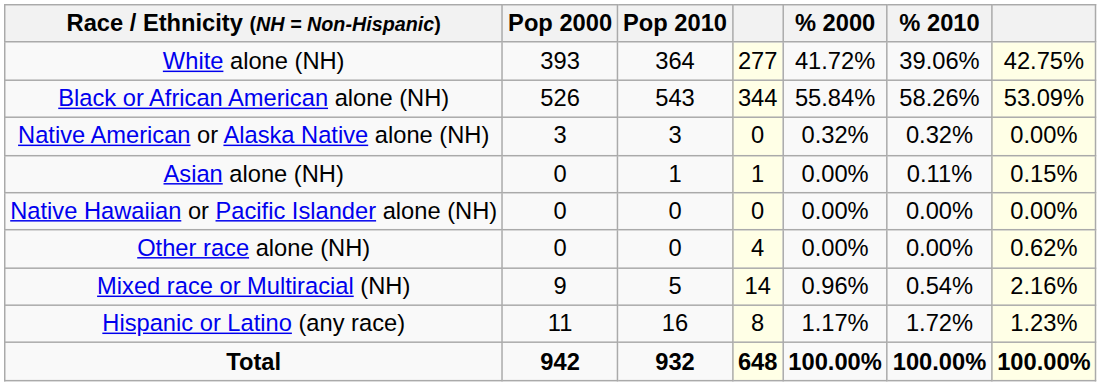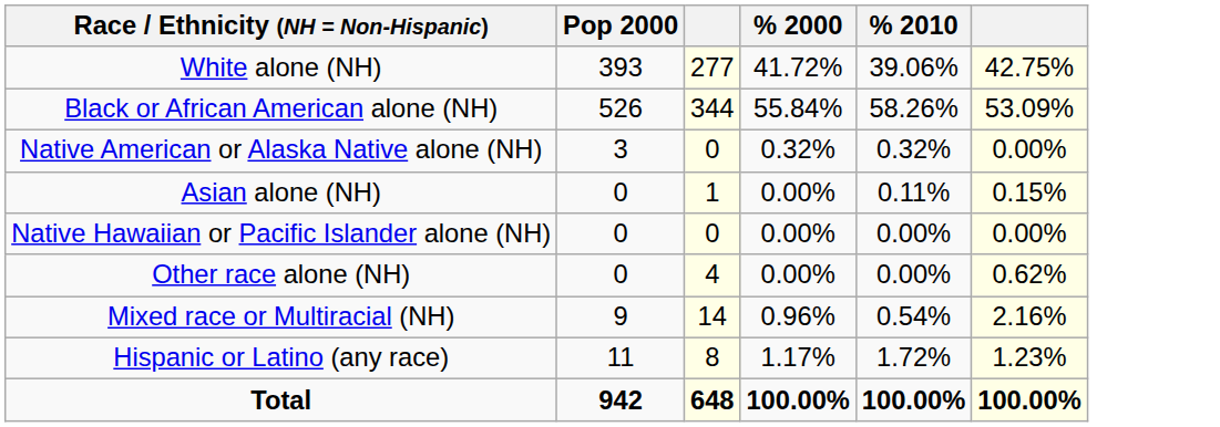 <table class="wikitable" style="text-align:center;">
 <tr>
 <th>Race / Ethnicity <small>(<em>NH = Non-Hispanic</em>)</small></th>
 <th>Pop 2000</th>
-<th>Pop 2010</th>
 <th></th>
 <th>% 2000</th>
 <th>% 2010</th>
 <th></th>
 </tr>
 <tr>
 <td><a href='#'>White</a> alone (NH)</td>
 <td>393</td>
-<td>364</td>
 <td style='background: #ffffe6;'>277</td>
 <td>41.72%</td>
 <td>39.06%</td>
 <td style='background: #ffffe6;'>42.75%</td>
 </tr>
 <tr>
 <td><a href='#'>Black or African American</a> alone (NH)</td>
 <td>526</td>
-<td>543</td>
 <td style='background: #ffffe6;'>344</td>
 <td>55.84%</td>
 <td>58.26%</td>
 <td style='background: #ffffe6;'>53.09%</td>
 </tr>
 <tr>
 <td><a href='#'>Native American</a> or <a href='#'>Alaska Native</a> alone (NH)</td>
-<td>3</td>
 <td>3</td>
 <td style='background: #ffffe6;'>0</td>
 <td>0.32%</td>
 <td>0.32%</td>
 <td style='background: #ffffe6;'>0.00%</td>
 </tr>
 <tr>
 <td><a href='#'>Asian</a> alone (NH)</td>
 <td>0</td>
-<td>1</td>
 <td style='background: #ffffe6;'>1</td>
 <td>0.00%</td>
 <td>0.11%</td>
 <td style='background: #ffffe6;'>0.15%</td>
 </tr>
 <tr>
 <td><a href='#'>Native Hawaiian</a> or <a href='#'>Pacific Islander</a> alone (NH)</td>
-<td>0</td>
 <td>0</td>
 <td style='background: #ffffe6;'>0</td>
 <td>0.00%</td>
 <td>0.00%</td>
 <td style='background: #ffffe6;'>0.00%</td>
 </tr>
 <tr>
 <td><a href='#'>Other race</a> alone (NH)</td>
 <td>0</td>
-<td>0</td>
 <td style='background: #ffffe6;'>4</td>
 <td>0.00%</td>
 <td>0.00%</td>
 <td style='background: #ffffe6;'>0.62%</td>
 </tr>
 <tr>
 <td><a href='#'>Mixed race or Multiracial</a> (NH)</td>
 <td>9</td>
-<td>5</td>
 <td style='background: #ffffe6;'>14</td>
 <td>0.96%</td>
 <td>0.54%</td>
 <td style='background: #ffffe6;'>2.16%</td>
 </tr>
 <tr>
 <td><a href='#'>Hispanic or Latino</a> (any race)</td>
 <td>11</td>
-<td>16</td>
 <td style='background: #ffffe6;'>8</td>
 <td>1.17%</td>
 <td>1.72%</td>
 <td style='background: #ffffe6;'>1.23%</td>
 </tr>
 <tr>
 <td><strong>Total</strong></td>
 <td><strong>942</strong></td>
-<td><strong>932</strong></td>
 <td style='background: #ffffe6;'><strong>648</strong></td>
 <td><strong>100.00%</strong></td>
 <td><strong>100.00%</strong></td>
 <td style='background: #ffffe6;'><strong>100.00%</strong></td>
 </tr>
 </table>
